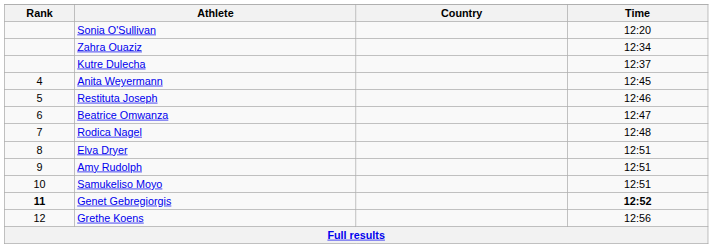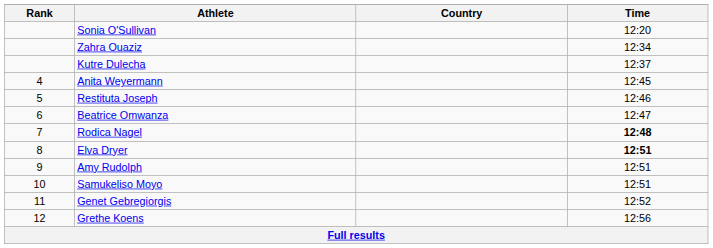 <table class="wikitable sortable" style=" text-align:center; font-size:95%;" width="50%">
 <tr>
 </tr>
 <tr>
 <th width=5%>Rank</th>
 <th width=20%>Athlete</th>
 <th width=15%>Country</th>
 <th width=10%>Time</th>
 </tr>
 <tr>
 <td align=center></td>
 <td align=left><a href='#'>Sonia O'Sullivan</a></td>
 <td align=left></td>
 <td>12:20</td>
 </tr>
 <tr>
 <td align=center></td>
 <td align=left><a href='#'>Zahra Ouaziz</a></td>
 <td align=left></td>
 <td>12:34</td>
 </tr>
 <tr>
 <td align=center></td>
 <td align=left><a href='#'>Kutre Dulecha</a></td>
 <td align=left></td>
 <td>12:37</td>
 </tr>
 <tr>
 <td align=center>4</td>
 <td align=left><a href='#'>Anita Weyermann</a></td>
 <td align=left></td>
 <td>12:45</td>
 </tr>
 <tr>
 <td align=center>5</td>
 <td align=left><a href='#'>Restituta Joseph</a></td>
 <td align=left></td>
 <td>12:46</td>
 </tr>
 <tr>
 <td align=center>6</td>
 <td align=left><a href='#'>Beatrice Omwanza</a></td>
 <td align=left></td>
 <td>12:47</td>
 </tr>
 <tr>
 <td align=center>7</td>
 <td align=left><a href='#'>Rodica Nagel</a></td>
 <td align=left></td>
-<td>12:48</td>
+<td><strong>12:48</strong></td>
 </tr>
 <tr>
 <td align=center>8</td>
 <td align=left><a href='#'>Elva Dryer</a></td>
 <td align=left></td>
-<td>12:51</td>
+<td><strong>12:51</strong></td>
 </tr>
 <tr>
 <td align=center>9</td>
 <td align=left><a href='#'>Amy Rudolph</a></td>
 <td align=left></td>
 <td>12:51</td>
 </tr>
 <tr>
 <td align=center>10</td>
 <td align=left><a href='#'>Samukeliso Moyo</a></td>
 <td align=left></td>
 <td>12:51</td>
 </tr>
 <tr>
-<td align=center><strong>11</strong></td>
+<td align=center>11</td>
 <td align=left><a href='#'>Genet Gebregiorgis</a></td>
 <td align=left></td>
-<td><strong>12:52</strong></td>
+<td>12:52</td>
 </tr>
 <tr>
 <td align=center>12</td>
 <td align=left><a href='#'>Grethe Koens</a></td>
 <td align=left></td>
 <td>12:56</td>
 </tr>
 <tr class="sortbottom">
 <th colspan=4 align=center><a href='#'>Full results</a></th>
 </tr>
 </table>
